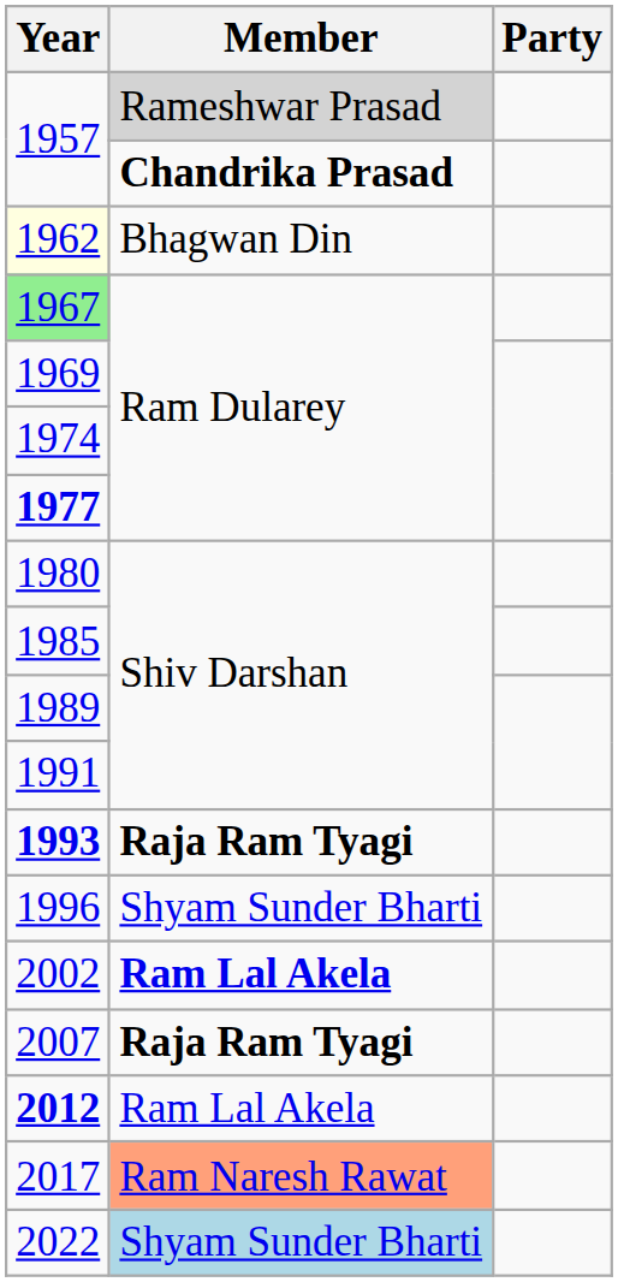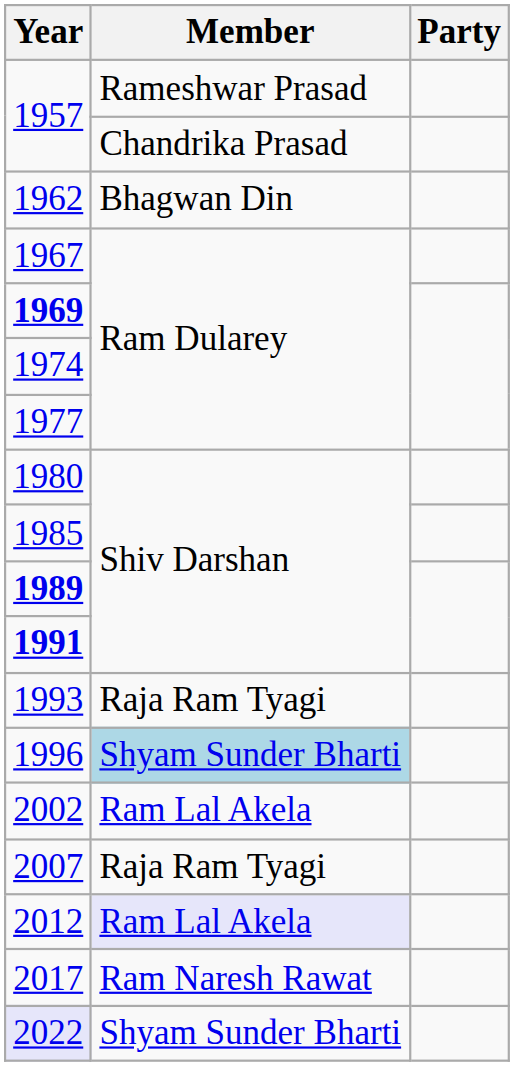 <table class="wikitable">
 <tr>
 <th>Year</th>
 <th>Member</th>
 <th colspan="2">Party</th>
 </tr>
 <tr>
 <td rowspan="2"><a href='#'>1957</a></td>
-<td style="background: lightgrey;">Rameshwar Prasad</td>
+<td>Rameshwar Prasad</td>
 <td></td>
 </tr>
 <tr>
-<td><strong>Chandrika Prasad</strong></td>
+<td>Chandrika Prasad</td>
 </tr>
 <tr>
-<td style="background: lightyellow;"><a href='#'>1962</a></td>
+<td><a href='#'>1962</a></td>
 <td>Bhagwan Din</td>
 <td></td>
 </tr>
 <tr>
-<td style="background: lightgreen;"><a href='#'>1967</a></td>
+<td><a href='#'>1967</a></td>
 <td rowspan="4">Ram Dularey</td>
 <td></td>
 </tr>
 <tr>
-<td><a href='#'>1969</a></td>
+<td><strong><a href='#'>1969</a></strong></td>
 </tr>
 <tr>
 <td><a href='#'>1974</a></td>
 </tr>
 <tr>
-<td><strong><a href='#'>1977</a></strong></td>
+<td><a href='#'>1977</a></td>
 </tr>
 <tr>
 <td><a href='#'>1980</a></td>
 <td rowspan="4">Shiv Darshan</td>
 <td></td>
 </tr>
 <tr>
 <td><a href='#'>1985</a></td>
 <td></td>
 </tr>
 <tr>
-<td><a href='#'>1989</a></td>
+<td><strong><a href='#'>1989</a></strong></td>
 </tr>
 <tr>
-<td><a href='#'>1991</a></td>
+<td><strong><a href='#'>1991</a></strong></td>
 </tr>
 <tr>
-<td><strong><a href='#'>1993</a></strong></td>
-<td><strong>Raja Ram Tyagi</strong></td>
+<td><a href='#'>1993</a></td>
+<td>Raja Ram Tyagi</td>
 <td></td>
 </tr>
 <tr>
 <td><a href='#'>1996</a></td>
-<td><a href='#'>Shyam Sunder Bharti</a></td>
+<td style="background: lightblue;"><a href='#'>Shyam Sunder Bharti</a></td>
 <td></td>
 </tr>
 <tr>
 <td><a href='#'>2002</a></td>
-<td><strong><a href='#'>Ram Lal Akela</a></strong></td>
+<td><a href='#'>Ram Lal Akela</a></td>
 <td></td>
 </tr>
 <tr>
 <td><a href='#'>2007</a></td>
-<td><strong>Raja Ram Tyagi</strong></td>
+<td>Raja Ram Tyagi</td>
 <td></td>
 </tr>
 <tr>
-<td><strong><a href='#'>2012</a></strong></td>
-<td><a href='#'>Ram Lal Akela</a></td>
+<td><a href='#'>2012</a></td>
+<td style="background: lavender;"><a href='#'>Ram Lal Akela</a></td>
 <td></td>
 </tr>
 <tr>
 <td><a href='#'>2017</a></td>
-<td style="background: lightsalmon;"><a href='#'>Ram Naresh Rawat</a></td>
+<td><a href='#'>Ram Naresh Rawat</a></td>
 <td></td>
 </tr>
 <tr>
-<td><a href='#'>2022</a></td>
-<td style="background: lightblue;"><a href='#'>Shyam Sunder Bharti</a></td>
+<td style="background: lavender;"><a href='#'>2022</a></td>
+<td><a href='#'>Shyam Sunder Bharti</a></td>
 <td></td>
 </tr>
 </table>
